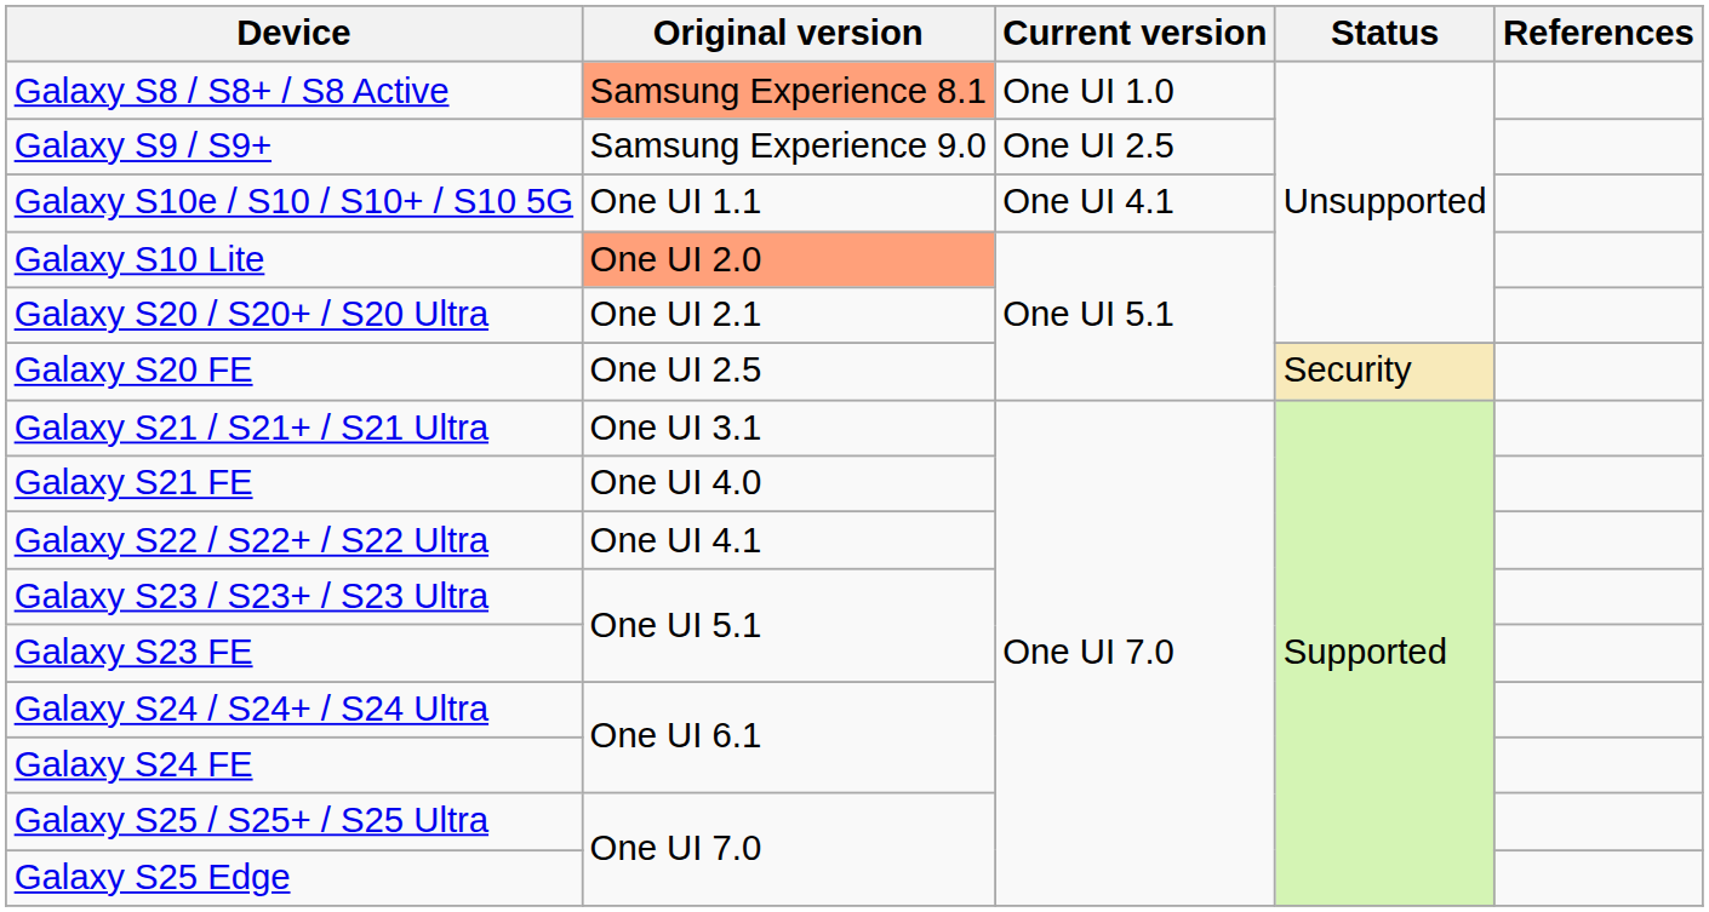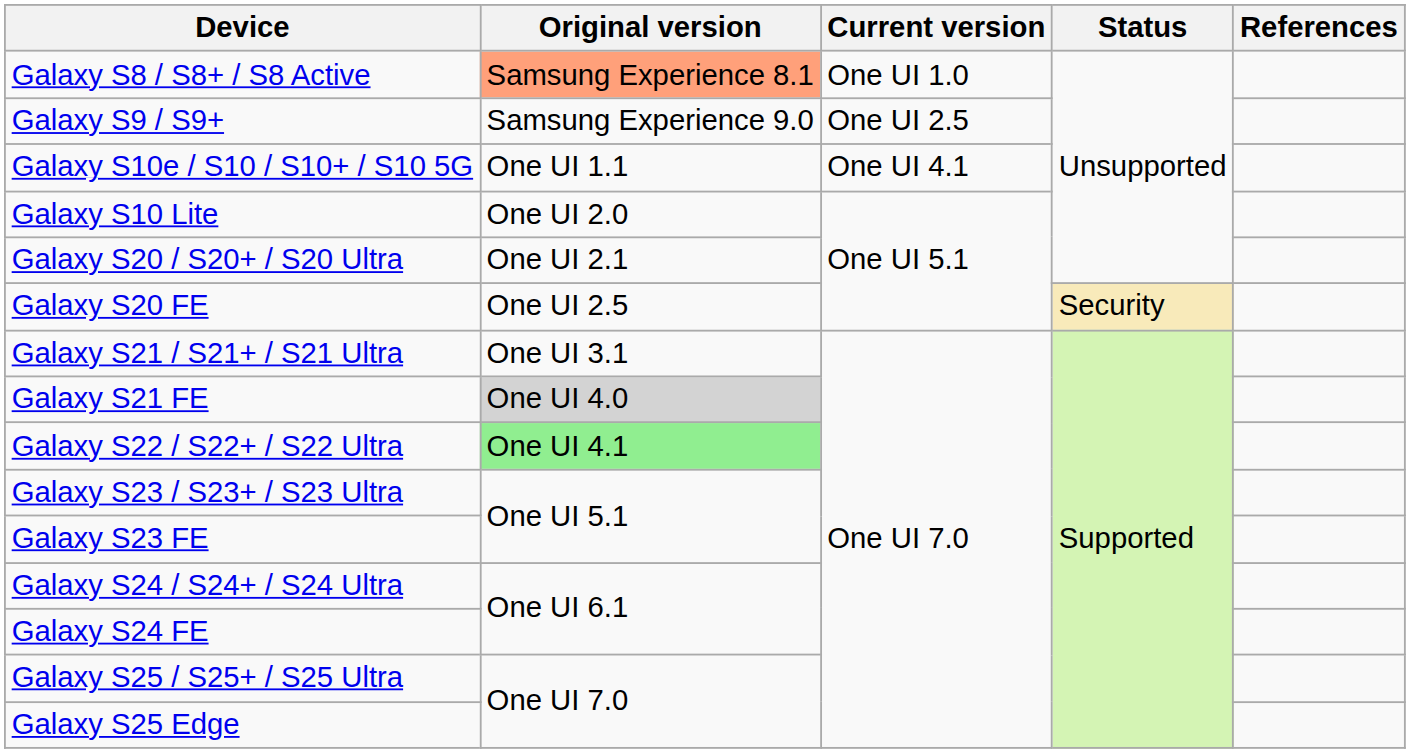 <table class="wikitable">
 <tr>
 <th>Device</th>
 <th>Original version</th>
 <th>Current version</th>
 <th>Status</th>
 <th>References</th>
 </tr>
 <tr>
 <td><a href='#'>Galaxy S8 / S8+ / S8 Active</a></td>
 <td style="background: lightsalmon;">Samsung Experience 8.1</td>
 <td>One UI 1.0</td>
 <td rowspan="5">Unsupported</td>
 <td></td>
 </tr>
 <tr>
 <td><a href='#'>Galaxy S9 / S9+</a></td>
 <td>Samsung Experience 9.0</td>
 <td>One UI 2.5</td>
 <td></td>
 </tr>
 <tr>
 <td><a href='#'>Galaxy S10e / S10 / S10+ / S10 5G</a></td>
 <td>One UI 1.1</td>
 <td>One UI 4.1</td>
 <td></td>
 </tr>
 <tr>
 <td><a href='#'>Galaxy S10 Lite</a></td>
-<td style="background: lightsalmon;">One UI 2.0</td>
+<td>One UI 2.0</td>
 <td rowspan="3">One UI 5.1</td>
 <td></td>
 </tr>
 <tr>
 <td><a href='#'>Galaxy S20 / S20+ / S20 Ultra</a></td>
 <td>One UI 2.1</td>
 <td></td>
 </tr>
 <tr>
 <td><a href='#'>Galaxy S20 FE</a></td>
 <td>One UI 2.5</td>
 <td rowspan="1" style="background: #f8eaba">Security</td>
 <td></td>
 </tr>
 <tr>
 <td><a href='#'>Galaxy S21 / S21+ / S21 Ultra</a></td>
 <td>One UI 3.1</td>
 <td rowspan="9">One UI 7.0</td>
 <td rowspan="9" style="background: #d4f4b4">Supported</td>
 <td></td>
 </tr>
 <tr>
 <td><a href='#'>Galaxy S21 FE</a></td>
-<td>One UI 4.0</td>
+<td style="background: lightgrey;">One UI 4.0</td>
 <td></td>
 </tr>
 <tr>
 <td><a href='#'>Galaxy S22 / S22+ / S22 Ultra</a></td>
-<td>One UI 4.1</td>
+<td style="background: lightgreen;">One UI 4.1</td>
 <td></td>
 </tr>
 <tr>
 <td><a href='#'>Galaxy S23 / S23+ / S23 Ultra</a></td>
 <td rowspan="2">One UI 5.1</td>
 <td></td>
 </tr>
 <tr>
 <td><a href='#'>Galaxy S23 FE</a></td>
 <td></td>
 </tr>
 <tr>
 <td><a href='#'>Galaxy S24 / S24+ / S24 Ultra</a></td>
 <td rowspan="2">One UI 6.1</td>
 <td></td>
 </tr>
 <tr>
 <td><a href='#'>Galaxy S24 FE</a></td>
 <td></td>
 </tr>
 <tr>
 <td><a href='#'>Galaxy S25 / S25+ / S25 Ultra</a></td>
 <td rowspan="2">One UI 7.0</td>
 <td></td>
 </tr>
 <tr>
 <td><a href='#'>Galaxy S25 Edge</a></td>
 <td></td>
 </tr>
 </table>
